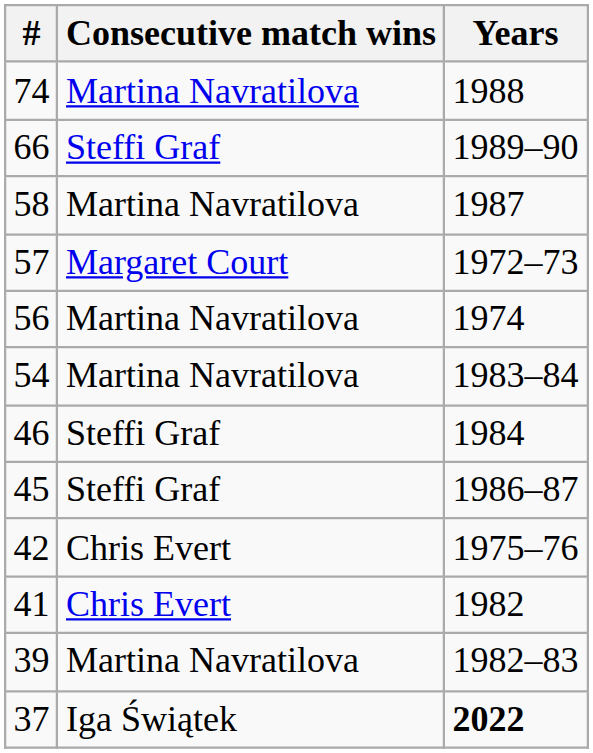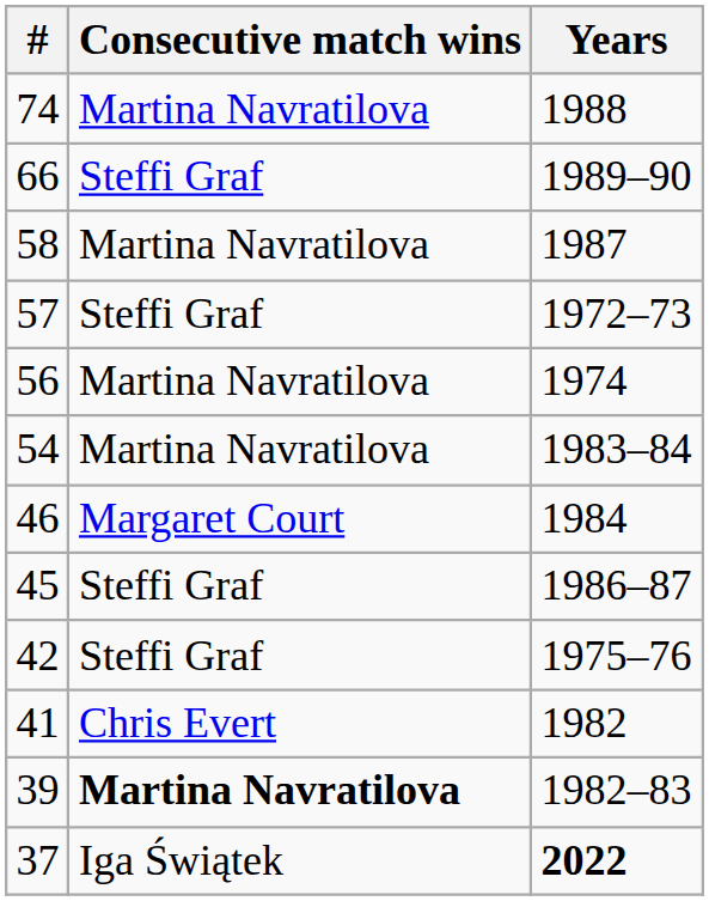 <table class=wikitable style=display:inline-table>
 <tr>
 <th>#</th>
 <th>Consecutive match wins</th>
 <th>Years</th>
 </tr>
 <tr>
 <td>74</td>
 <td> <a href='#'>Martina Navratilova</a></td>
 <td>1988</td>
 </tr>
 <tr>
 <td>66</td>
 <td> <a href='#'>Steffi Graf</a></td>
 <td>1989–90</td>
 </tr>
 <tr>
 <td>58</td>
 <td> Martina Navratilova</td>
 <td>1987</td>
 </tr>
 <tr>
 <td>57</td>
-<td> <a href='#'>Margaret Court</a></td>
+<td> Steffi Graf</td>
 <td>1972–73</td>
 </tr>
 <tr>
 <td>56</td>
 <td> Martina Navratilova</td>
 <td>1974</td>
 </tr>
 <tr>
 <td>54</td>
 <td> Martina Navratilova</td>
 <td>1983–84</td>
 </tr>
 <tr>
 <td>46</td>
-<td> Steffi Graf</td>
+<td> <a href='#'>Margaret Court</a></td>
 <td>1984</td>
 </tr>
 <tr>
 <td>45</td>
 <td> Steffi Graf</td>
 <td>1986–87</td>
 </tr>
 <tr>
 <td>42</td>
-<td> Chris Evert</td>
+<td> Steffi Graf</td>
 <td>1975–76</td>
 </tr>
 <tr>
 <td>41</td>
 <td> <a href='#'>Chris Evert</a></td>
 <td>1982</td>
 </tr>
 <tr>
 <td>39</td>
-<td> Martina Navratilova</td>
+<td><strong> Martina Navratilova</strong></td>
 <td>1982–83</td>
 </tr>
 <tr>
 <td>37</td>
 <td> Iga Świątek</td>
 <td><strong>2022</strong></td>
 </tr>
 </table>
